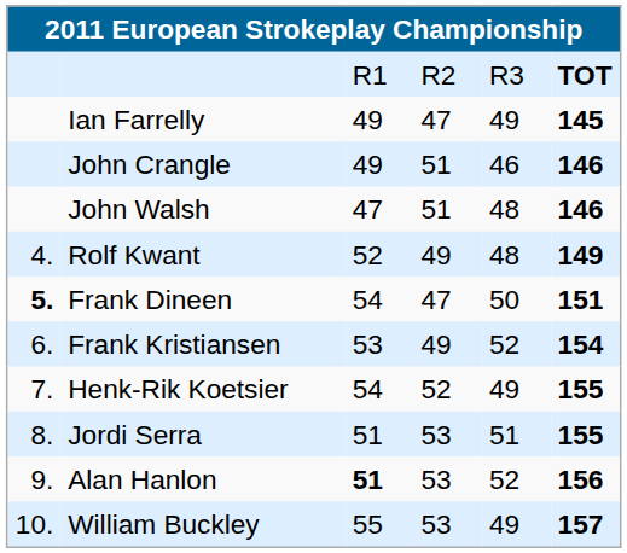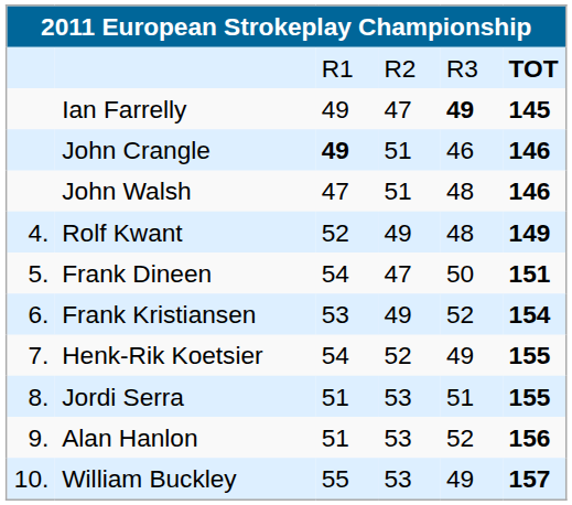 <table align=center cellpadding="4" cellspacing="0" style="background: #f9f9f9; border: 1px #aaa solid; border-collapse: collapse; font-size: 95%;">
 <tr align=center style="background:#006699; color:white">
 <th width=100% colspan=6>2011 European Strokeplay Championship</th>
 </tr>
 <tr align=left style="background:#ddefff;">
 <td align=right></td>
 <td width=150> </td>
 <td width=30>R1</td>
 <td width=30>R2</td>
 <td width=30>R3</td>
 <td width=30><strong>TOT</strong></td>
 </tr>
 <tr align=left>
 <td align=right></td>
 <td> Ian Farrelly</td>
 <td>49</td>
 <td>47</td>
-<td>49</td>
+<td><strong>49</strong></td>
 <td><strong>145</strong></td>
 </tr>
 <tr align=left style="background:#ddefff;">
 <td align=right></td>
 <td> John Crangle</td>
-<td>49</td>
+<td><strong>49</strong></td>
 <td>51</td>
 <td>46</td>
 <td><strong>146</strong></td>
 </tr>
 <tr align=left>
 <td align=right></td>
 <td> John Walsh</td>
 <td>47</td>
 <td>51</td>
 <td>48</td>
 <td><strong>146</strong></td>
 </tr>
 <tr align=left style="background:#ddefff;">
 <td align=right>4.</td>
 <td> Rolf Kwant</td>
 <td>52</td>
 <td>49</td>
 <td>48</td>
 <td><strong>149</strong></td>
 </tr>
 <tr align=left>
-<td align=right><strong>5.</strong></td>
+<td align=right>5.</td>
 <td> Frank Dineen</td>
 <td>54</td>
 <td>47</td>
 <td>50</td>
 <td><strong>151</strong></td>
 </tr>
 <tr align=left style="background:#ddefff;">
 <td align=right>6.</td>
 <td> Frank Kristiansen</td>
 <td>53</td>
 <td>49</td>
 <td>52</td>
 <td><strong>154</strong></td>
 </tr>
 <tr align=left>
 <td align=right>7.</td>
 <td> Henk-Rik Koetsier</td>
 <td>54</td>
 <td>52</td>
 <td>49</td>
 <td><strong>155</strong></td>
 </tr>
 <tr align=left style="background:#ddefff;">
 <td align=right>8.</td>
 <td> Jordi Serra</td>
 <td>51</td>
 <td>53</td>
 <td>51</td>
 <td><strong>155</strong></td>
 </tr>
 <tr align=left>
 <td align=right>9.</td>
 <td> Alan Hanlon</td>
-<td><strong>51</strong></td>
+<td>51</td>
 <td>53</td>
 <td>52</td>
 <td><strong>156</strong></td>
 </tr>
 <tr align=left style="background:#ddefff;">
 <td align=right>10.</td>
 <td> William Buckley</td>
 <td>55</td>
 <td>53</td>
 <td>49</td>
 <td><strong>157</strong></td>
 </tr>
 </table>
